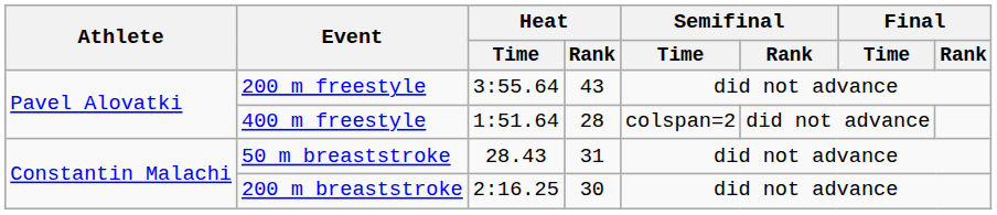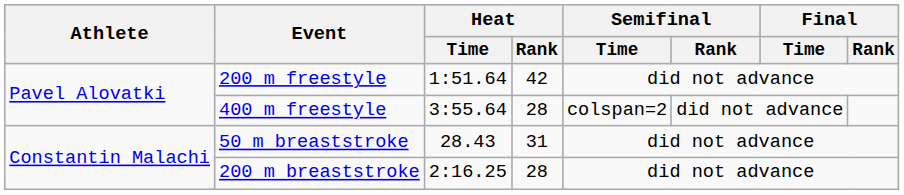 <table class="wikitable" style="text-align:center; font-size:90%">
 <tr>
 <th rowspan="2">Athlete</th>
 <th rowspan="2">Event</th>
 <th colspan="2">Heat</th>
 <th colspan="2">Semifinal</th>
 <th colspan="2">Final</th>
 </tr>
 <tr style="font-size:95%">
 <th>Time</th>
 <th>Rank</th>
 <th>Time</th>
 <th>Rank</th>
 <th>Time</th>
 <th>Rank</th>
 </tr>
 <tr>
 <td rowspan=2 align=left><a href='#'>Pavel Alovatki</a></td>
 <td align=left><a href='#'>200 m freestyle</a></td>
-<td>3:55.64</td>
-<td>43</td>
+<td>1:51.64</td>
+<td>42</td>
 <td colspan=4>did not advance</td>
 </tr>
 <tr>
 <td align=left><a href='#'>400 m freestyle</a></td>
-<td>1:51.64</td>
+<td>3:55.64</td>
 <td>28</td>
 <td>colspan=2 </td>
 <td colspan=2>did not advance</td>
 </tr>
 <tr>
 <td rowspan=2 align=left><a href='#'>Constantin Malachi</a></td>
 <td align=left><a href='#'>50 m breaststroke</a></td>
 <td>28.43</td>
 <td>31</td>
 <td colspan=4>did not advance</td>
 </tr>
 <tr>
 <td align=left><a href='#'>200 m breaststroke</a></td>
 <td>2:16.25</td>
-<td>30</td>
+<td>28</td>
 <td colspan=4>did not advance</td>
 </tr>
 </table>
